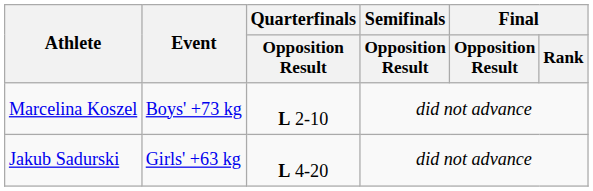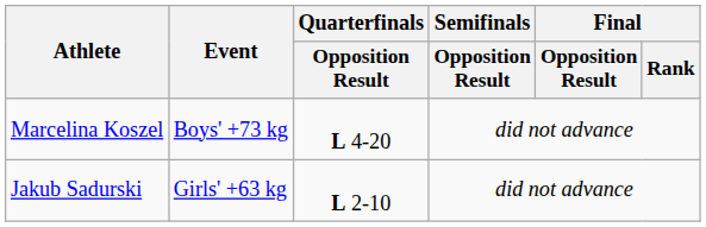 <table class="wikitable" style="font-size:90%;">
 <tr>
 <th rowspan=2>Athlete</th>
 <th rowspan=2>Event</th>
 <th>Quarterfinals</th>
 <th>Semifinals</th>
 <th colspan=2>Final</th>
 </tr>
 <tr style="font-size:95%">
 <th>Opposition<br>Result</th>
 <th>Opposition<br>Result</th>
 <th>Opposition<br>Result</th>
 <th>Rank</th>
 </tr>
 <tr align=center>
 <td align=left><a href='#'>Marcelina Koszel</a></td>
 <td align=left><a href='#'>Boys' +73 kg</a></td>
-<td><br> <strong>L</strong> 2-10</td>
+<td><br> <strong>L</strong> 4-20</td>
 <td colspan=3><em>did not advance</em></td>
 </tr>
 <tr align=center>
 <td align=left><a href='#'>Jakub Sadurski</a></td>
 <td align=left><a href='#'>Girls' +63 kg</a></td>
-<td><br> <strong>L</strong> 4-20</td>
+<td><br> <strong>L</strong> 2-10</td>
 <td colspan=3><em>did not advance</em></td>
 </tr>
 </table>
